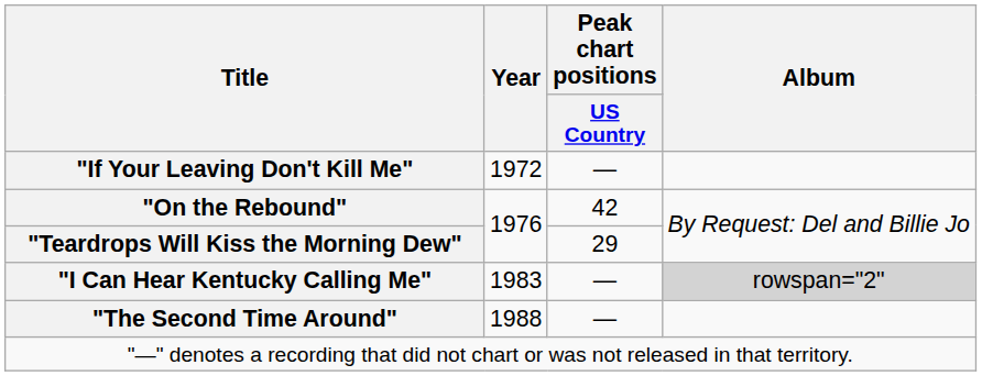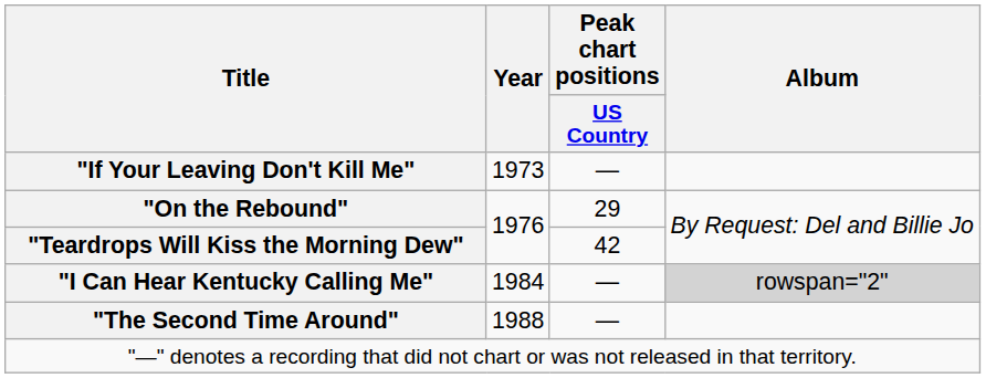 <table class="wikitable plainrowheaders" style="text-align:center;" border="1">
 <tr>
 <th scope="col" rowspan="2" style="width:20em;">Title</th>
 <th scope="col" rowspan="2">Year</th>
 <th scope="col" colspan="1">Peak<br>chart<br>positions</th>
 <th scope="col" rowspan="2">Album</th>
 </tr>
 <tr>
 <th scope="col" style="width:3em;font-size:90%;"><a href='#'>US<br>Country</a><br></th>
 </tr>
 <tr>
 <th scope="row">"If Your Leaving Don't Kill Me"<br></th>
-<td>1972</td>
+<td>1973</td>
 <td>—</td>
 <td></td>
 </tr>
 <tr>
 <th scope="row">"On the Rebound"<br></th>
 <td rowspan="2">1976</td>
-<td>42</td>
+<td>29</td>
 <td rowspan="2"><em>By Request: Del and Billie Jo</em></td>
 </tr>
 <tr>
 <th scope="row">"Teardrops Will Kiss the Morning Dew"<br></th>
-<td>29</td>
+<td>42</td>
 </tr>
 <tr>
 <th scope="row">"I Can Hear Kentucky Calling Me"<br></th>
-<td>1983</td>
+<td>1984</td>
 <td>—</td>
 <td style="background: lightgrey;">rowspan="2" </td>
 </tr>
 <tr>
 <th scope="row">"The Second Time Around"<br></th>
 <td>1988</td>
 <td>—</td>
 </tr>
 <tr>
 <td colspan="4" style="font-size:90%">"—" denotes a recording that did not chart or was not released in that territory.</td>
 </tr>
 </table>
